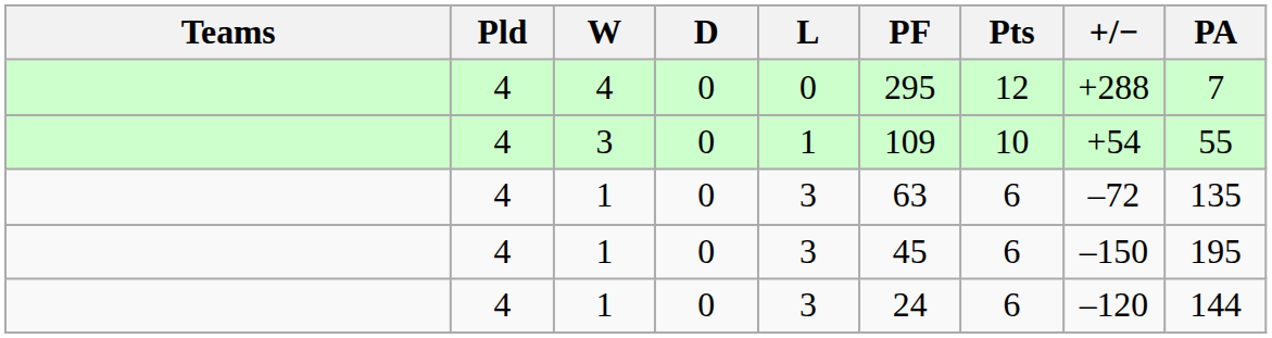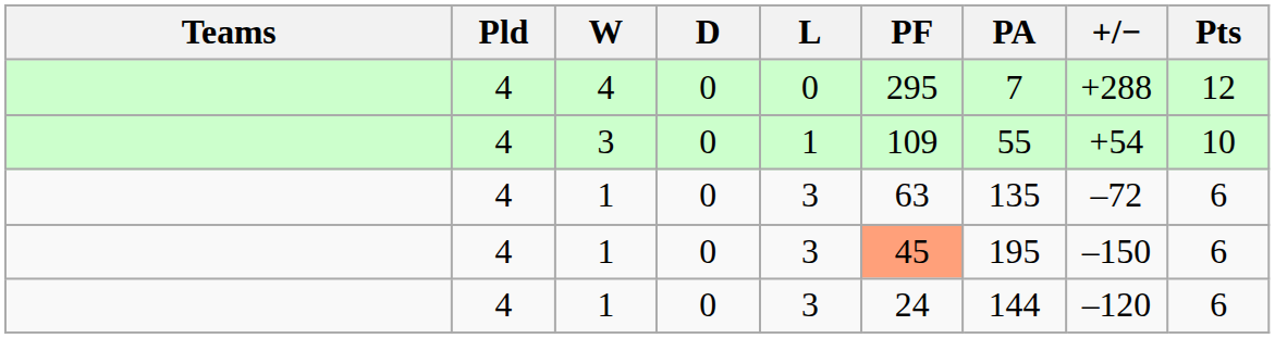 <table class="wikitable" style="text-align: center;">
 <tr>
 <th width="200">Teams</th>
 <th width="40">Pld</th>
 <th width="40">W</th>
 <th width="40">D</th>
 <th width="40">L</th>
 <th width="40">PF</th>
+<th width="40">PA</th>
+<th width="40">+/−</th>
 <th width="40">Pts</th>
-<th width="40">+/−</th>
-<th width="40">PA</th>
 </tr>
 <tr bgcolor=ccffcc>
 <td align=left></td>
 <td>4</td>
 <td>4</td>
 <td>0</td>
 <td>0</td>
 <td>295</td>
+<td>7</td>
+<td>+288</td>
 <td>12</td>
-<td>+288</td>
-<td>7</td>
 </tr>
 <tr bgcolor=ccffcc>
 <td align="left"></td>
 <td>4</td>
 <td>3</td>
 <td>0</td>
 <td>1</td>
 <td>109</td>
+<td>55</td>
+<td>+54</td>
 <td>10</td>
-<td>+54</td>
-<td>55</td>
 </tr>
 <tr>
 <td align="left"></td>
 <td>4</td>
 <td>1</td>
 <td>0</td>
 <td>3</td>
 <td>63</td>
+<td>135</td>
+<td>–72</td>
 <td>6</td>
-<td>–72</td>
-<td>135</td>
 </tr>
 <tr>
 <td align="left"></td>
 <td>4</td>
 <td>1</td>
 <td>0</td>
 <td>3</td>
-<td>45</td>
+<td style="background: lightsalmon;">45</td>
+<td>195</td>
+<td>–150</td>
 <td>6</td>
-<td>–150</td>
-<td>195</td>
 </tr>
 <tr>
 <td align="left"></td>
 <td>4</td>
 <td>1</td>
 <td>0</td>
 <td>3</td>
 <td>24</td>
+<td>144</td>
+<td>–120</td>
 <td>6</td>
-<td>–120</td>
-<td>144</td>
 </tr>
 </table>
